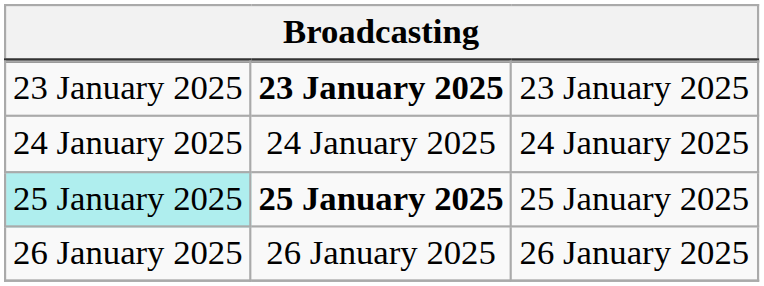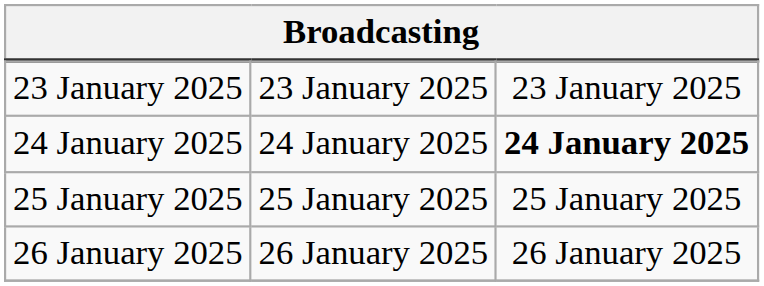 <table class=wikitable style="text-align:center;">
 <tr>
 <th colspan=3>Broadcasting</th>
 </tr>
 <tr style="border-top: 2px solid #333333;">
 </tr>
 <tr>
 <td>23 January 2025 </td>
-<td><strong>23 January 2025 </strong></td>
+<td>23 January 2025 </td>
 <td>23 January 2025 </td>
 </tr>
 <tr>
 <td>24 January 2025 </td>
 <td>24 January 2025 </td>
-<td>24 January 2025 </td>
+<td><strong>24 January 2025 </strong></td>
 </tr>
 <tr>
-<td style="background: paleturquoise;">25 January 2025 </td>
-<td><strong>25 January 2025 </strong></td>
+<td>25 January 2025 </td>
+<td>25 January 2025 </td>
 <td>25 January 2025 </td>
 </tr>
 <tr>
 <td>26 January 2025 </td>
 <td>26 January 2025 </td>
 <td>26 January 2025 </td>
 </tr>
 <tr>
 </tr>
 </table>
